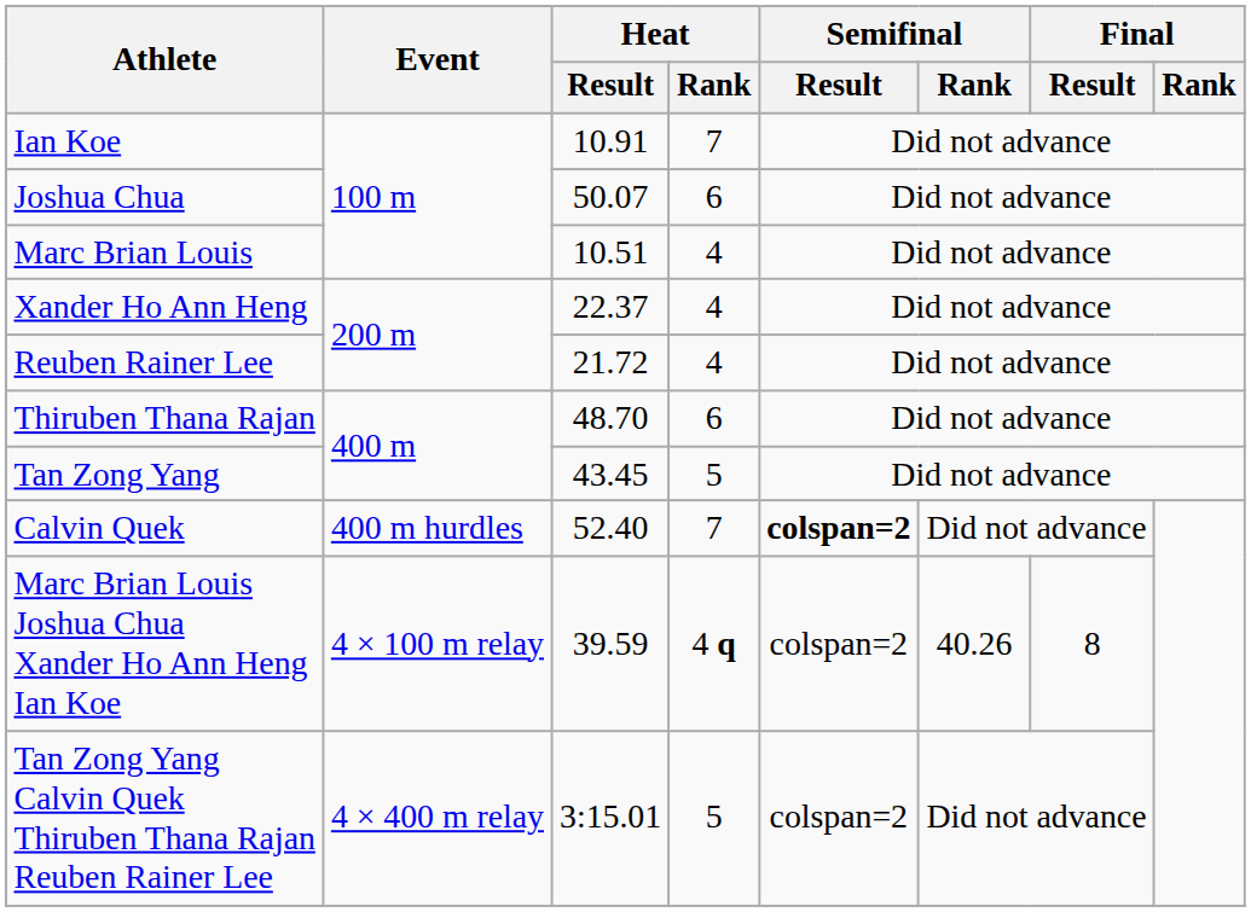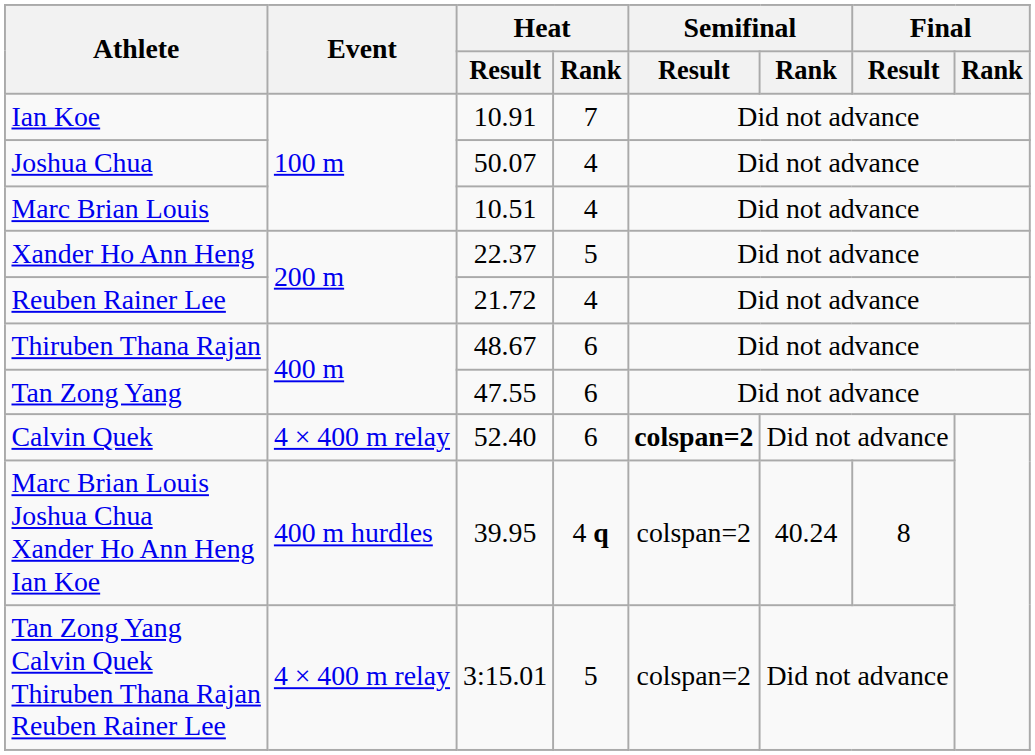 <table class="wikitable" style="font-size:90%">
 <tr>
 <th rowspan=2>Athlete</th>
 <th rowspan=2>Event</th>
 <th colspan=2>Heat</th>
 <th colspan=2>Semifinal</th>
 <th colspan=2>Final</th>
 </tr>
 <tr style="font-size:95%">
 <th>Result</th>
 <th>Rank</th>
 <th>Result</th>
 <th>Rank</th>
 <th>Result</th>
 <th>Rank</th>
 </tr>
 <tr align=center>
 <td align=left><a href='#'>Ian Koe</a></td>
 <td align=left rowspan=3><a href='#'>100 m</a></td>
 <td>10.91</td>
 <td>7</td>
 <td colspan=4>Did not advance</td>
 </tr>
 <tr align=center>
 <td align=left><a href='#'>Joshua Chua</a></td>
 <td>50.07</td>
-<td>6</td>
+<td>4</td>
 <td colspan=4>Did not advance</td>
 </tr>
 <tr align=center>
 <td align=left><a href='#'>Marc Brian Louis</a></td>
 <td>10.51</td>
 <td>4</td>
 <td colspan=4>Did not advance</td>
 </tr>
 <tr align=center>
 <td align=left><a href='#'>Xander Ho Ann Heng</a></td>
 <td align=left rowspan=2><a href='#'>200 m</a></td>
 <td>22.37</td>
-<td>4</td>
+<td>5</td>
 <td colspan=4>Did not advance</td>
 </tr>
 <tr align=center>
 <td align=left><a href='#'>Reuben Rainer Lee</a></td>
 <td>21.72</td>
 <td>4</td>
 <td colspan=4>Did not advance</td>
 </tr>
 <tr align=center>
 <td align=left><a href='#'>Thiruben Thana Rajan</a></td>
 <td align=left rowspan=2><a href='#'>400 m</a></td>
-<td>48.70</td>
+<td>48.67</td>
 <td>6</td>
 <td colspan=4>Did not advance</td>
 </tr>
 <tr align=center>
 <td align=left><a href='#'>Tan Zong Yang</a></td>
-<td>43.45</td>
-<td>5</td>
+<td>47.55</td>
+<td>6</td>
 <td colspan=4>Did not advance</td>
 </tr>
 <tr align=center>
 <td align=left><a href='#'>Calvin Quek</a></td>
-<td align=left><a href='#'>400 m hurdles</a></td>
+<td align=left><a href='#'>4 × 400 m relay</a></td>
 <td>52.40</td>
-<td>7</td>
+<td>6</td>
 <td><strong>colspan=2 </strong></td>
 <td colspan=2>Did not advance</td>
 </tr>
 <tr align=center>
 <td align=left><a href='#'>Marc Brian Louis</a><br><a href='#'>Joshua Chua</a><br><a href='#'>Xander Ho Ann Heng</a><br><a href='#'>Ian Koe</a></td>
-<td align=left><a href='#'>4 × 100 m relay</a></td>
-<td>39.59</td>
+<td align=left><a href='#'>400 m hurdles</a></td>
+<td>39.95</td>
 <td>4 <strong>q</strong></td>
 <td>colspan=2 </td>
-<td>40.26</td>
+<td>40.24</td>
 <td>8</td>
 </tr>
 <tr align=center>
 <td align=left><a href='#'>Tan Zong Yang</a><br><a href='#'>Calvin Quek</a><br><a href='#'>Thiruben Thana Rajan</a><br><a href='#'>Reuben Rainer Lee</a></td>
 <td align=left><a href='#'>4 × 400 m relay</a></td>
 <td>3:15.01</td>
 <td>5</td>
 <td>colspan=2 </td>
 <td colspan=2>Did not advance</td>
 </tr>
 </table>
